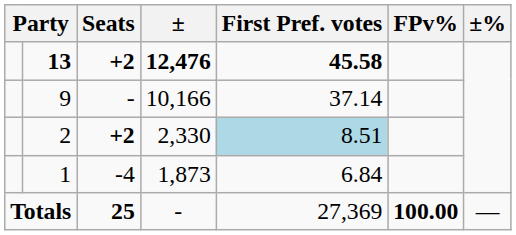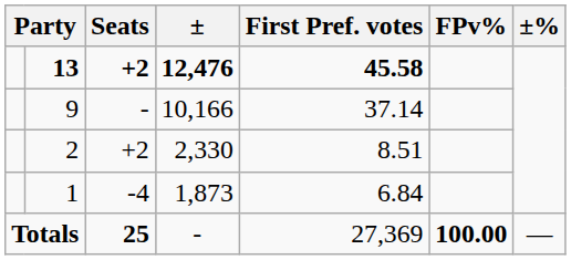 <table class=wikitable>
 <tr>
 <th colspan=2 align=center>Party</th>
 <th valign=top>Seats</th>
 <th valign=top>±</th>
 <th valign=top>First Pref. votes</th>
 <th valign=top>FPv%</th>
 <th valign=top>±%</th>
 </tr>
 <tr>
 <td></td>
 <td align=right><strong>13</strong></td>
 <td align=right><strong>+2</strong></td>
 <td align=right><strong>12,476</strong></td>
 <td align=right><strong>45.58</strong></td>
 <td align=right></td>
 </tr>
 <tr>
 <td></td>
 <td align=right>9</td>
 <td align=right>-</td>
 <td align=right>10,166</td>
 <td align=right>37.14</td>
 <td align=right></td>
 </tr>
 <tr>
 <td></td>
 <td align=right>2</td>
-<td align=right><strong>+2</strong></td>
+<td align=right>+2</td>
 <td align=right>2,330</td>
-<td align=right style="background: lightblue;">8.51</td>
+<td align=right>8.51</td>
 <td align=right></td>
 </tr>
 <tr>
 <td></td>
 <td align=right>1</td>
 <td align=right>-4</td>
 <td align=right>1,873</td>
 <td align=right>6.84</td>
 <td align=right></td>
 </tr>
 <tr>
 <td colspan=2 align=center><strong>Totals</strong></td>
 <td align=right><strong>25</strong></td>
 <td align=center>-</td>
 <td align=right>27,369</td>
 <td align=center><strong>100.00</strong></td>
 <td align=center>—</td>
 </tr>
 </table>
